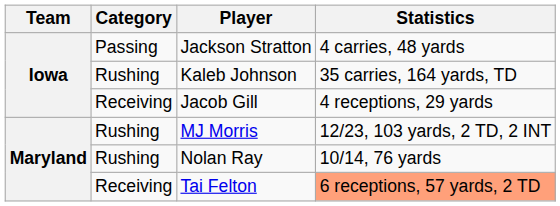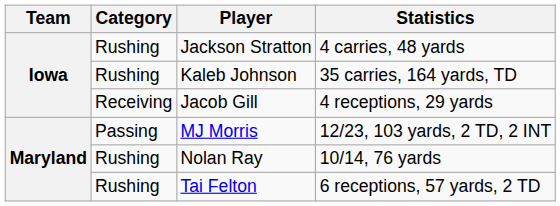 <table class="wikitable" style="float:right">
 <tr>
 <th>Team</th>
 <th>Category</th>
 <th>Player</th>
 <th>Statistics</th>
 </tr>
 <tr>
 <th rowspan=3>Iowa</th>
-<td>Passing</td>
+<td>Rushing</td>
 <td>Jackson Stratton</td>
 <td>4 carries, 48 yards</td>
 </tr>
 <tr>
 <td>Rushing</td>
 <td>Kaleb Johnson</td>
 <td>35 carries, 164 yards, TD</td>
 </tr>
 <tr>
 <td>Receiving</td>
 <td>Jacob Gill</td>
 <td>4 receptions, 29 yards</td>
 </tr>
 <tr>
 <th rowspan=3>Maryland</th>
-<td>Rushing</td>
+<td>Passing</td>
 <td><a href='#'>MJ Morris</a></td>
 <td>12/23, 103 yards, 2 TD, 2 INT</td>
 </tr>
 <tr>
 <td>Rushing</td>
 <td>Nolan Ray</td>
 <td>10/14, 76 yards</td>
 </tr>
 <tr>
-<td>Receiving</td>
+<td>Rushing</td>
 <td><a href='#'>Tai Felton</a></td>
-<td style="background: lightsalmon;">6 receptions, 57 yards, 2 TD</td>
+<td>6 receptions, 57 yards, 2 TD</td>
 </tr>
 </table>
